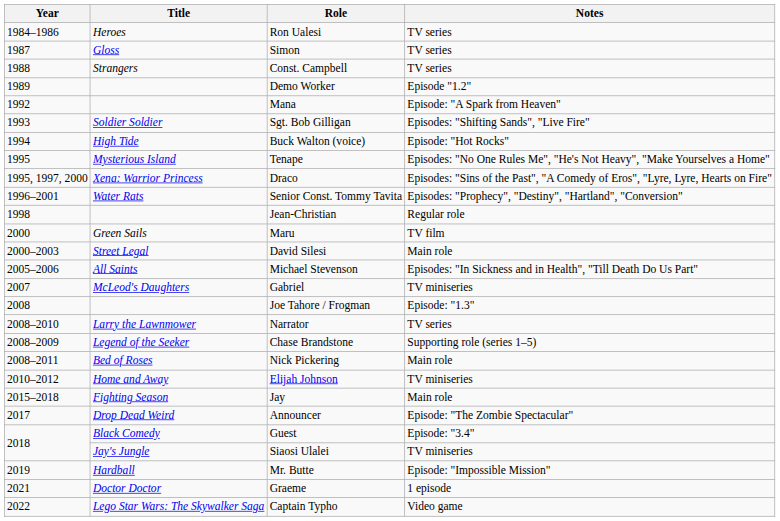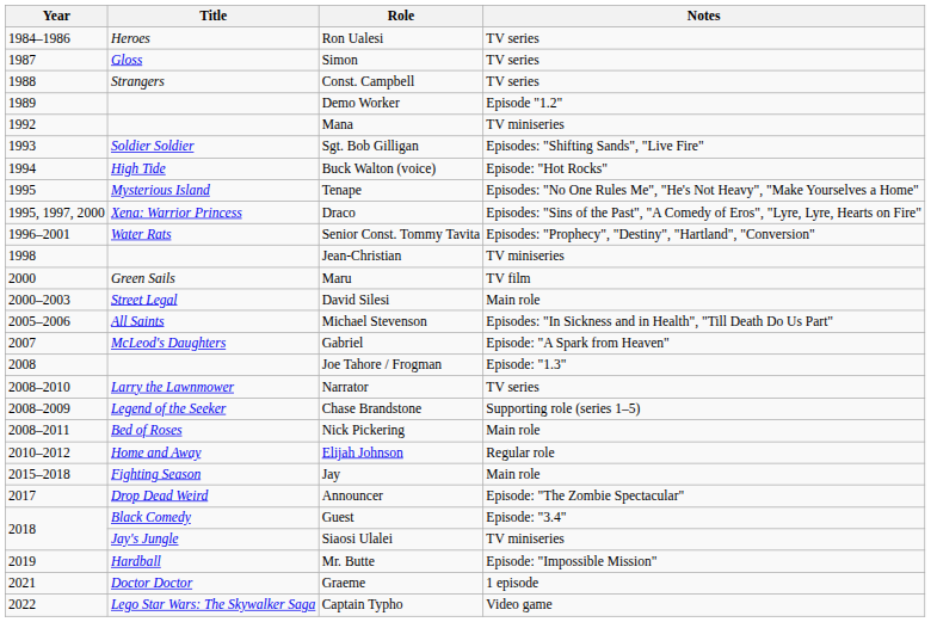 <table class="wikitable sortable">
 <tr>
 <th>Year</th>
 <th>Title</th>
 <th>Role</th>
 <th class="unsortable">Notes</th>
 </tr>
 <tr>
 <td>1984–1986</td>
 <td><em>Heroes</em></td>
 <td>Ron Ualesi</td>
 <td>TV series</td>
 </tr>
 <tr>
 <td>1987</td>
 <td><em><a href='#'>Gloss</a></em></td>
 <td>Simon</td>
 <td>TV series</td>
 </tr>
 <tr>
 <td>1988</td>
 <td><em>Strangers</em></td>
 <td>Const. Campbell</td>
 <td>TV series</td>
 </tr>
 <tr>
 <td>1989</td>
 <td><em></em></td>
 <td>Demo Worker</td>
 <td>Episode "1.2"</td>
 </tr>
 <tr>
 <td>1992</td>
 <td><em></em></td>
 <td>Mana</td>
-<td>Episode: "A Spark from Heaven"</td>
+<td>TV miniseries</td>
 </tr>
 <tr>
 <td>1993</td>
 <td><em><a href='#'>Soldier Soldier</a></em></td>
 <td>Sgt. Bob Gilligan</td>
 <td>Episodes: "Shifting Sands", "Live Fire"</td>
 </tr>
 <tr>
 <td>1994</td>
 <td><em><a href='#'>High Tide</a></em></td>
 <td>Buck Walton (voice)</td>
 <td>Episode: "Hot Rocks"</td>
 </tr>
 <tr>
 <td>1995</td>
 <td><em><a href='#'>Mysterious Island</a></em></td>
 <td>Tenape</td>
 <td>Episodes: "No One Rules Me", "He's Not Heavy", "Make Yourselves a Home"</td>
 </tr>
 <tr>
 <td>1995, 1997, 2000</td>
 <td><em><a href='#'>Xena: Warrior Princess</a></em></td>
 <td>Draco</td>
 <td>Episodes: "Sins of the Past", "A Comedy of Eros", "Lyre, Lyre, Hearts on Fire"</td>
 </tr>
 <tr>
 <td>1996–2001</td>
 <td><em><a href='#'>Water Rats</a></em></td>
 <td>Senior Const. Tommy Tavita</td>
 <td>Episodes: "Prophecy", "Destiny", "Hartland", "Conversion"</td>
 </tr>
 <tr>
 <td>1998</td>
 <td><em></em></td>
 <td>Jean-Christian</td>
-<td>Regular role</td>
+<td>TV miniseries</td>
 </tr>
 <tr>
 <td>2000</td>
 <td><em>Green Sails</em></td>
 <td>Maru</td>
 <td>TV film</td>
 </tr>
 <tr>
 <td>2000–2003</td>
 <td><em><a href='#'>Street Legal</a></em></td>
 <td>David Silesi</td>
 <td>Main role</td>
 </tr>
 <tr>
 <td>2005–2006</td>
 <td><em><a href='#'>All Saints</a></em></td>
 <td>Michael Stevenson</td>
 <td>Episodes: "In Sickness and in Health", "Till Death Do Us Part"</td>
 </tr>
 <tr>
 <td>2007</td>
 <td><em><a href='#'>McLeod's Daughters</a></em></td>
 <td>Gabriel</td>
-<td>TV miniseries</td>
+<td>Episode: "A Spark from Heaven"</td>
 </tr>
 <tr>
 <td>2008</td>
 <td><em></em></td>
 <td>Joe Tahore / Frogman</td>
 <td>Episode: "1.3"</td>
 </tr>
 <tr>
 <td>2008–2010</td>
 <td><em><a href='#'>Larry the Lawnmower</a></em></td>
 <td>Narrator</td>
 <td>TV series</td>
 </tr>
 <tr>
 <td>2008–2009</td>
 <td><em><a href='#'>Legend of the Seeker</a></em></td>
 <td>Chase Brandstone</td>
 <td>Supporting role (series 1–5)</td>
 </tr>
 <tr>
 <td>2008–2011</td>
 <td><em><a href='#'>Bed of Roses</a></em></td>
 <td>Nick Pickering</td>
 <td>Main role</td>
 </tr>
 <tr>
 <td>2010–2012</td>
 <td><em><a href='#'>Home and Away</a></em></td>
 <td><a href='#'>Elijah Johnson</a></td>
-<td>TV miniseries</td>
+<td>Regular role</td>
 </tr>
 <tr>
 <td>2015–2018</td>
 <td><em><a href='#'>Fighting Season</a></em></td>
 <td>Jay</td>
 <td>Main role</td>
 </tr>
 <tr>
 <td>2017</td>
 <td><em><a href='#'>Drop Dead Weird</a></em></td>
 <td>Announcer</td>
 <td>Episode: "The Zombie Spectacular"</td>
 </tr>
 <tr>
 <td rowspan="2">2018</td>
 <td><em><a href='#'>Black Comedy</a></em></td>
 <td>Guest</td>
 <td>Episode: "3.4"</td>
 </tr>
 <tr>
 <td><em><a href='#'>Jay's Jungle</a></em></td>
 <td>Siaosi Ulalei</td>
 <td>TV miniseries</td>
 </tr>
 <tr>
 <td>2019</td>
 <td><em><a href='#'>Hardball</a></em></td>
 <td>Mr. Butte</td>
 <td>Episode: "Impossible Mission"</td>
 </tr>
 <tr>
 <td>2021</td>
 <td><em><a href='#'>Doctor Doctor</a></em></td>
 <td>Graeme</td>
 <td>1 episode</td>
 </tr>
 <tr>
 <td>2022</td>
 <td><em><a href='#'>Lego Star Wars: The Skywalker Saga</a></em></td>
 <td>Captain Typho</td>
 <td>Video game</td>
 </tr>
 </table>
